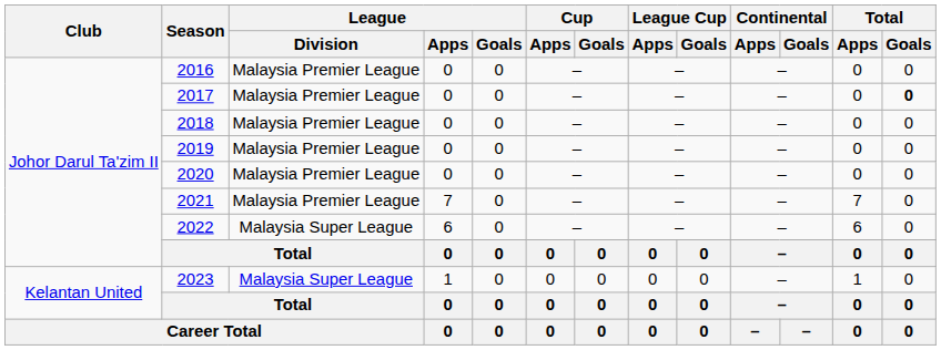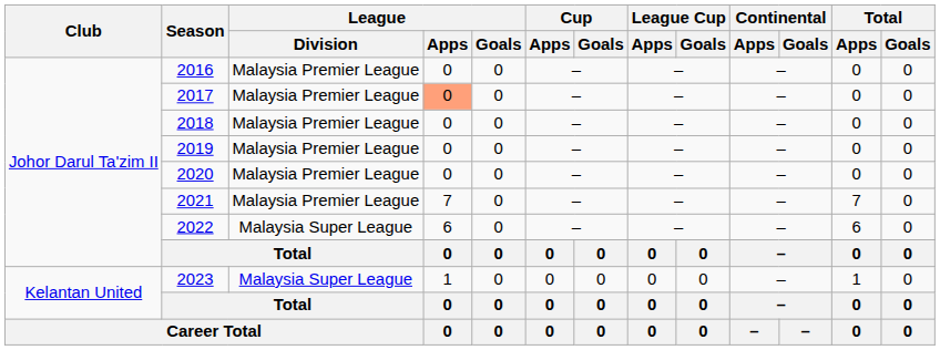 <table class=wikitable style="text-align:center">
 <tr>
 <th rowspan=2>Club</th>
 <th rowspan=2>Season</th>
 <th colspan=3>League</th>
 <th colspan=2>Cup</th>
 <th colspan=2>League Cup</th>
 <th colspan=2>Continental</th>
 <th colspan=2>Total</th>
 </tr>
 <tr>
 <th>Division</th>
 <th>Apps</th>
 <th>Goals</th>
 <th>Apps</th>
 <th>Goals</th>
 <th>Apps</th>
 <th>Goals</th>
 <th>Apps</th>
 <th>Goals</th>
 <th>Apps</th>
 <th>Goals</th>
 </tr>
 <tr>
 <td rowspan=8><a href='#'>Johor Darul Ta'zim II</a></td>
 <td><a href='#'>2016</a></td>
 <td>Malaysia Premier League</td>
 <td>0</td>
 <td>0</td>
 <td colspan=2>–</td>
 <td colspan=2>–</td>
 <td colspan=2>–</td>
 <td>0</td>
 <td>0</td>
 </tr>
 <tr>
 <td><a href='#'>2017</a></td>
 <td>Malaysia Premier League</td>
-<td>0</td>
+<td style="background: lightsalmon;">0</td>
 <td>0</td>
 <td colspan=2>–</td>
 <td colspan=2>–</td>
 <td colspan=2>–</td>
 <td>0</td>
-<td><strong>0</strong></td>
+<td>0</td>
 </tr>
 <tr>
 <td><a href='#'>2018</a></td>
 <td>Malaysia Premier League</td>
 <td>0</td>
 <td>0</td>
 <td colspan=2>–</td>
 <td colspan=2>–</td>
 <td colspan=2>–</td>
 <td>0</td>
 <td>0</td>
 </tr>
 <tr>
 <td><a href='#'>2019</a></td>
 <td>Malaysia Premier League</td>
 <td>0</td>
 <td>0</td>
 <td colspan=2>–</td>
 <td colspan=2>–</td>
 <td colspan=2>–</td>
 <td>0</td>
 <td>0</td>
 </tr>
 <tr>
 <td><a href='#'>2020</a></td>
 <td>Malaysia Premier League</td>
 <td>0</td>
 <td>0</td>
 <td colspan=2>–</td>
 <td colspan=2>–</td>
 <td colspan=2>–</td>
 <td>0</td>
 <td>0</td>
 </tr>
 <tr>
 <td><a href='#'>2021</a></td>
 <td>Malaysia Premier League</td>
 <td>7</td>
 <td>0</td>
 <td colspan=2>–</td>
 <td colspan=2>–</td>
 <td colspan=2>–</td>
 <td>7</td>
 <td>0</td>
 </tr>
 <tr>
 <td><a href='#'>2022</a></td>
 <td>Malaysia Super League</td>
 <td>6</td>
 <td>0</td>
 <td colspan=2>–</td>
 <td colspan=2>–</td>
 <td colspan=2>–</td>
 <td>6</td>
 <td>0</td>
 </tr>
 <tr>
 <th colspan="2">Total</th>
 <th>0</th>
 <th>0</th>
 <th>0</th>
 <th>0</th>
 <th>0</th>
 <th>0</th>
 <th colspan=2>–</th>
 <th>0</th>
 <th>0</th>
 </tr>
 <tr>
 <td rowspan=2><a href='#'>Kelantan United</a></td>
 <td><a href='#'>2023</a></td>
 <td><a href='#'>Malaysia Super League</a></td>
 <td>1</td>
 <td>0</td>
 <td>0</td>
 <td>0</td>
 <td>0</td>
 <td>0</td>
 <td colspan=2>–</td>
 <td>1</td>
 <td>0</td>
 </tr>
 <tr>
 <th colspan="2">Total</th>
 <th>0</th>
 <th>0</th>
 <th>0</th>
 <th>0</th>
 <th>0</th>
 <th>0</th>
 <th colspan=2>–</th>
 <th>0</th>
 <th>0</th>
 </tr>
 <tr>
 <th colspan="3">Career Total</th>
 <th>0</th>
 <th>0</th>
 <th>0</th>
 <th>0</th>
 <th>0</th>
 <th>0</th>
 <th>–</th>
 <th>–</th>
 <th>0</th>
 <th>0</th>
 </tr>
 </table>
